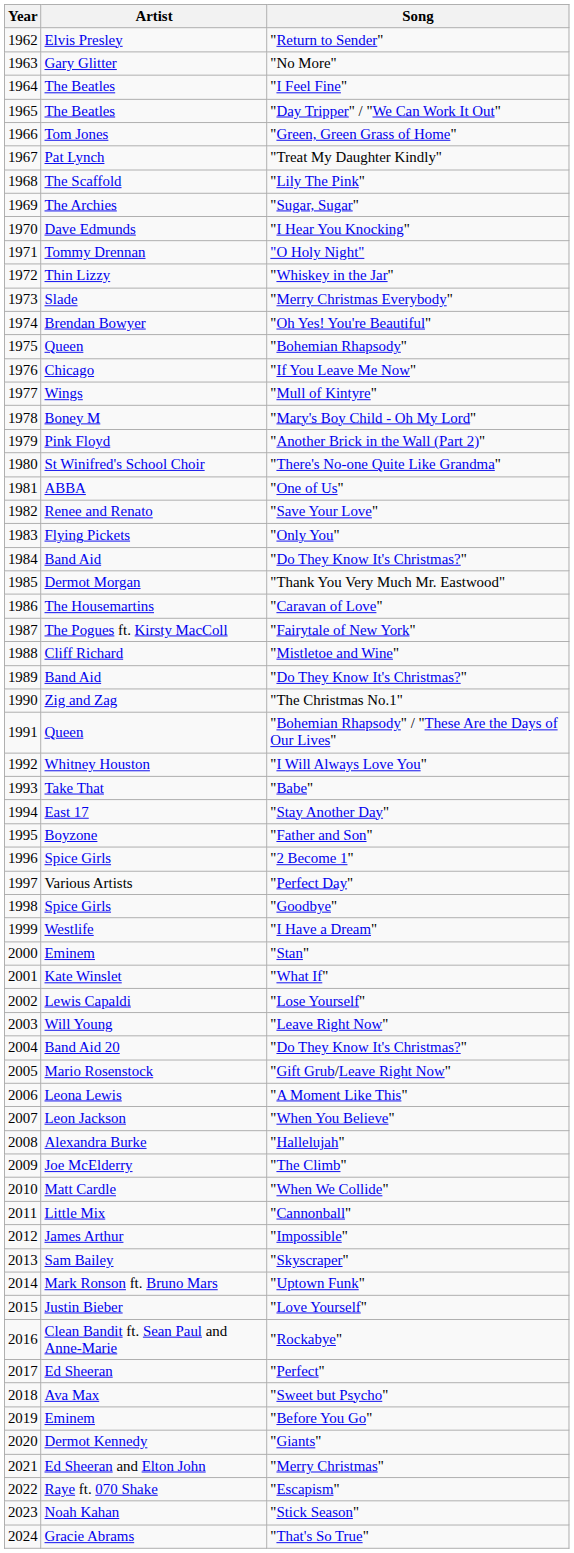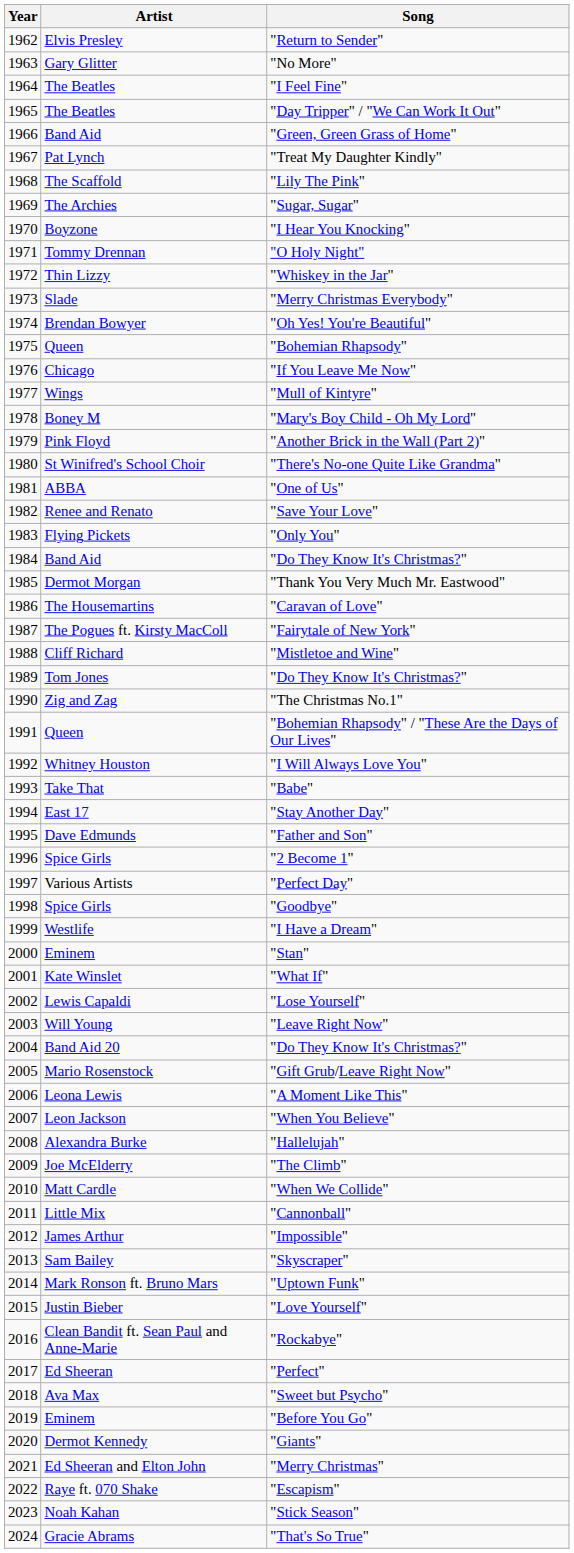 <table class="sortable wikitable" style="align:left;">
 <tr>
 <th>Year</th>
 <th>Artist</th>
 <th>Song</th>
 </tr>
 <tr>
 <td>1962</td>
 <td><a href='#'>Elvis Presley</a></td>
 <td>"<a href='#'>Return to Sender</a>"</td>
 </tr>
 <tr>
 <td>1963</td>
 <td><a href='#'>Gary Glitter</a></td>
 <td>"No More"</td>
 </tr>
 <tr>
 <td>1964</td>
 <td><a href='#'>The Beatles</a></td>
 <td>"<a href='#'>I Feel Fine</a>"</td>
 </tr>
 <tr>
 <td>1965</td>
 <td><a href='#'>The Beatles</a></td>
 <td>"<a href='#'>Day Tripper</a>" / "<a href='#'>We Can Work It Out</a>"</td>
 </tr>
 <tr>
 <td>1966</td>
-<td><a href='#'>Tom Jones</a></td>
+<td><a href='#'>Band Aid</a></td>
 <td>"<a href='#'>Green, Green Grass of Home</a>"</td>
 </tr>
 <tr>
 <td>1967</td>
 <td><a href='#'>Pat Lynch</a></td>
 <td>"Treat My Daughter Kindly"</td>
 </tr>
 <tr>
 <td>1968</td>
 <td><a href='#'>The Scaffold</a></td>
 <td>"<a href='#'>Lily The Pink</a>"</td>
 </tr>
 <tr>
 <td>1969</td>
 <td><a href='#'>The Archies</a></td>
 <td>"<a href='#'>Sugar, Sugar</a>"</td>
 </tr>
 <tr>
 <td>1970</td>
-<td><a href='#'>Dave Edmunds</a></td>
+<td><a href='#'>Boyzone</a></td>
 <td>"<a href='#'>I Hear You Knocking</a>"</td>
 </tr>
 <tr>
 <td>1971</td>
 <td><a href='#'>Tommy Drennan</a></td>
 <td><a href='#'>"O Holy Night"</a></td>
 </tr>
 <tr>
 <td>1972</td>
 <td><a href='#'>Thin Lizzy</a></td>
 <td>"<a href='#'>Whiskey in the Jar</a>"</td>
 </tr>
 <tr>
 <td>1973</td>
 <td><a href='#'>Slade</a></td>
 <td>"<a href='#'>Merry Christmas Everybody</a>"</td>
 </tr>
 <tr>
 <td>1974</td>
 <td><a href='#'>Brendan Bowyer</a></td>
 <td>"<a href='#'>Oh Yes! You're Beautiful</a>"</td>
 </tr>
 <tr>
 <td>1975</td>
 <td><a href='#'>Queen</a></td>
 <td>"<a href='#'>Bohemian Rhapsody</a>"</td>
 </tr>
 <tr>
 <td>1976</td>
 <td><a href='#'>Chicago</a></td>
 <td>"<a href='#'>If You Leave Me Now</a>"</td>
 </tr>
 <tr>
 <td>1977</td>
 <td><a href='#'>Wings</a></td>
 <td>"<a href='#'>Mull of Kintyre</a>"</td>
 </tr>
 <tr>
 <td>1978</td>
 <td><a href='#'>Boney M</a></td>
 <td>"<a href='#'>Mary's Boy Child - Oh My Lord</a>"</td>
 </tr>
 <tr>
 <td>1979</td>
 <td><a href='#'>Pink Floyd</a></td>
 <td>"<a href='#'>Another Brick in the Wall (Part 2)</a>"</td>
 </tr>
 <tr>
 <td>1980</td>
 <td><a href='#'>St Winifred's School Choir</a></td>
 <td>"<a href='#'>There's No-one Quite Like Grandma</a>"</td>
 </tr>
 <tr>
 <td>1981</td>
 <td><a href='#'>ABBA</a></td>
 <td>"<a href='#'>One of Us</a>"</td>
 </tr>
 <tr>
 <td>1982</td>
 <td><a href='#'>Renee and Renato</a></td>
 <td>"<a href='#'>Save Your Love</a>"</td>
 </tr>
 <tr>
 <td>1983</td>
 <td><a href='#'>Flying Pickets</a></td>
 <td>"<a href='#'>Only You</a>"</td>
 </tr>
 <tr>
 <td>1984</td>
 <td><a href='#'>Band Aid</a></td>
 <td>"<a href='#'>Do They Know It's Christmas?</a>"</td>
 </tr>
 <tr>
 <td>1985</td>
 <td><a href='#'>Dermot Morgan</a></td>
 <td>"Thank You Very Much Mr. Eastwood"</td>
 </tr>
 <tr>
 <td>1986</td>
 <td><a href='#'>The Housemartins</a></td>
 <td>"<a href='#'>Caravan of Love</a>"</td>
 </tr>
 <tr>
 <td>1987</td>
 <td><a href='#'>The Pogues</a> ft. <a href='#'>Kirsty MacColl</a></td>
 <td>"<a href='#'>Fairytale of New York</a>"</td>
 </tr>
 <tr>
 <td>1988</td>
 <td><a href='#'>Cliff Richard</a></td>
 <td>"<a href='#'>Mistletoe and Wine</a>"</td>
 </tr>
 <tr>
 <td>1989</td>
-<td><a href='#'>Band Aid</a></td>
+<td><a href='#'>Tom Jones</a></td>
 <td>"<a href='#'>Do They Know It's Christmas?</a>"</td>
 </tr>
 <tr>
 <td>1990</td>
 <td><a href='#'>Zig and Zag</a></td>
 <td>"The Christmas No.1"</td>
 </tr>
 <tr>
 <td>1991</td>
 <td><a href='#'>Queen</a></td>
 <td>"<a href='#'>Bohemian Rhapsody</a>" / "<a href='#'>These Are the Days of Our Lives</a>"</td>
 </tr>
 <tr>
 <td>1992</td>
 <td><a href='#'>Whitney Houston</a></td>
 <td>"<a href='#'>I Will Always Love You</a>"</td>
 </tr>
 <tr>
 <td>1993</td>
 <td><a href='#'>Take That</a></td>
 <td>"<a href='#'>Babe</a>"</td>
 </tr>
 <tr>
 <td>1994</td>
 <td><a href='#'>East 17</a></td>
 <td>"<a href='#'>Stay Another Day</a>"</td>
 </tr>
 <tr>
 <td>1995</td>
-<td><a href='#'>Boyzone</a></td>
+<td><a href='#'>Dave Edmunds</a></td>
 <td>"<a href='#'>Father and Son</a>"</td>
 </tr>
 <tr>
 <td>1996</td>
 <td><a href='#'>Spice Girls</a></td>
 <td>"<a href='#'>2 Become 1</a>"</td>
 </tr>
 <tr>
 <td>1997</td>
 <td>Various Artists</td>
 <td>"<a href='#'>Perfect Day</a>"</td>
 </tr>
 <tr>
 <td>1998</td>
 <td><a href='#'>Spice Girls</a></td>
 <td>"<a href='#'>Goodbye</a>"</td>
 </tr>
 <tr>
 <td>1999</td>
 <td><a href='#'>Westlife</a></td>
 <td>"<a href='#'>I Have a Dream</a>"</td>
 </tr>
 <tr>
 <td>2000</td>
 <td><a href='#'>Eminem</a></td>
 <td>"<a href='#'>Stan</a>"</td>
 </tr>
 <tr>
 <td>2001</td>
 <td><a href='#'>Kate Winslet</a></td>
 <td>"<a href='#'>What If</a>"</td>
 </tr>
 <tr>
 <td>2002</td>
 <td><a href='#'>Lewis Capaldi</a></td>
 <td>"<a href='#'>Lose Yourself</a>"</td>
 </tr>
 <tr>
 <td>2003</td>
 <td><a href='#'>Will Young</a></td>
 <td>"<a href='#'>Leave Right Now</a>"</td>
 </tr>
 <tr>
 <td>2004</td>
 <td><a href='#'>Band Aid 20</a></td>
 <td>"<a href='#'>Do They Know It's Christmas?</a>"</td>
 </tr>
 <tr>
 <td>2005</td>
 <td><a href='#'>Mario Rosenstock</a></td>
 <td>"<a href='#'>Gift Grub</a>/<a href='#'>Leave Right Now</a>"</td>
 </tr>
 <tr>
 <td>2006</td>
 <td><a href='#'>Leona Lewis</a></td>
 <td>"<a href='#'>A Moment Like This</a>"</td>
 </tr>
 <tr>
 <td>2007</td>
 <td><a href='#'>Leon Jackson</a></td>
 <td>"<a href='#'>When You Believe</a>"</td>
 </tr>
 <tr>
 <td>2008</td>
 <td><a href='#'>Alexandra Burke</a></td>
 <td>"<a href='#'>Hallelujah</a>"</td>
 </tr>
 <tr>
 <td>2009</td>
 <td><a href='#'>Joe McElderry</a></td>
 <td>"<a href='#'>The Climb</a>"</td>
 </tr>
 <tr>
 <td>2010</td>
 <td><a href='#'>Matt Cardle</a></td>
 <td>"<a href='#'>When We Collide</a>"</td>
 </tr>
 <tr>
 <td>2011</td>
 <td><a href='#'>Little Mix</a></td>
 <td>"<a href='#'>Cannonball</a>"</td>
 </tr>
 <tr>
 <td>2012</td>
 <td><a href='#'>James Arthur</a></td>
 <td>"<a href='#'>Impossible</a>"</td>
 </tr>
 <tr>
 <td>2013</td>
 <td><a href='#'>Sam Bailey</a></td>
 <td>"<a href='#'>Skyscraper</a>"</td>
 </tr>
 <tr>
 <td>2014</td>
 <td><a href='#'>Mark Ronson</a> ft. <a href='#'>Bruno Mars</a></td>
 <td>"<a href='#'>Uptown Funk</a>"</td>
 </tr>
 <tr>
 <td>2015</td>
 <td><a href='#'>Justin Bieber</a></td>
 <td>"<a href='#'>Love Yourself</a>"</td>
 </tr>
 <tr>
 <td>2016</td>
 <td><a href='#'>Clean Bandit</a> ft. <a href='#'>Sean Paul</a> and <a href='#'>Anne-Marie</a></td>
 <td>"<a href='#'>Rockabye</a>"</td>
 </tr>
 <tr>
 <td>2017</td>
 <td><a href='#'>Ed Sheeran</a></td>
 <td>"<a href='#'>Perfect</a>"</td>
 </tr>
 <tr>
 <td>2018</td>
 <td><a href='#'>Ava Max</a></td>
 <td>"<a href='#'>Sweet but Psycho</a>"</td>
 </tr>
 <tr>
 <td>2019</td>
 <td><a href='#'>Eminem</a></td>
 <td>"<a href='#'>Before You Go</a>"</td>
 </tr>
 <tr>
 <td>2020</td>
 <td><a href='#'>Dermot Kennedy</a></td>
 <td>"<a href='#'>Giants</a>"</td>
 </tr>
 <tr>
 <td>2021</td>
 <td><a href='#'>Ed Sheeran</a> and <a href='#'>Elton John</a></td>
 <td>"<a href='#'>Merry Christmas</a>"</td>
 </tr>
 <tr>
 <td>2022</td>
 <td><a href='#'>Raye</a> ft. <a href='#'>070 Shake</a></td>
 <td>"<a href='#'>Escapism</a>"</td>
 </tr>
 <tr>
 <td>2023</td>
 <td><a href='#'>Noah Kahan</a></td>
 <td>"<a href='#'>Stick Season</a>"</td>
 </tr>
 <tr>
 <td>2024</td>
 <td><a href='#'>Gracie Abrams</a></td>
 <td>"<a href='#'>That's So True</a>"</td>
 </tr>
 </table>
